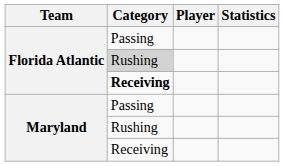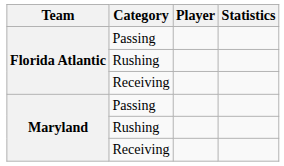 <table class="wikitable" style="float:right">
 <tr>
 <th>Team</th>
 <th>Category</th>
 <th>Player</th>
 <th>Statistics</th>
 </tr>
 <tr>
 <th rowspan=3>Florida Atlantic</th>
 <td>Passing</td>
 <td></td>
 <td></td>
 </tr>
 <tr>
-<td style="background: lightgrey;">Rushing</td>
+<td>Rushing</td>
 <td></td>
 <td></td>
 </tr>
 <tr>
-<td><strong>Receiving</strong></td>
+<td>Receiving</td>
 <td></td>
 <td></td>
 </tr>
 <tr>
 <th rowspan=3>Maryland</th>
 <td>Passing</td>
 <td></td>
 <td></td>
 </tr>
 <tr>
 <td>Rushing</td>
 <td></td>
 <td></td>
 </tr>
 <tr>
 <td>Receiving</td>
 <td></td>
 <td></td>
 </tr>
 </table>
